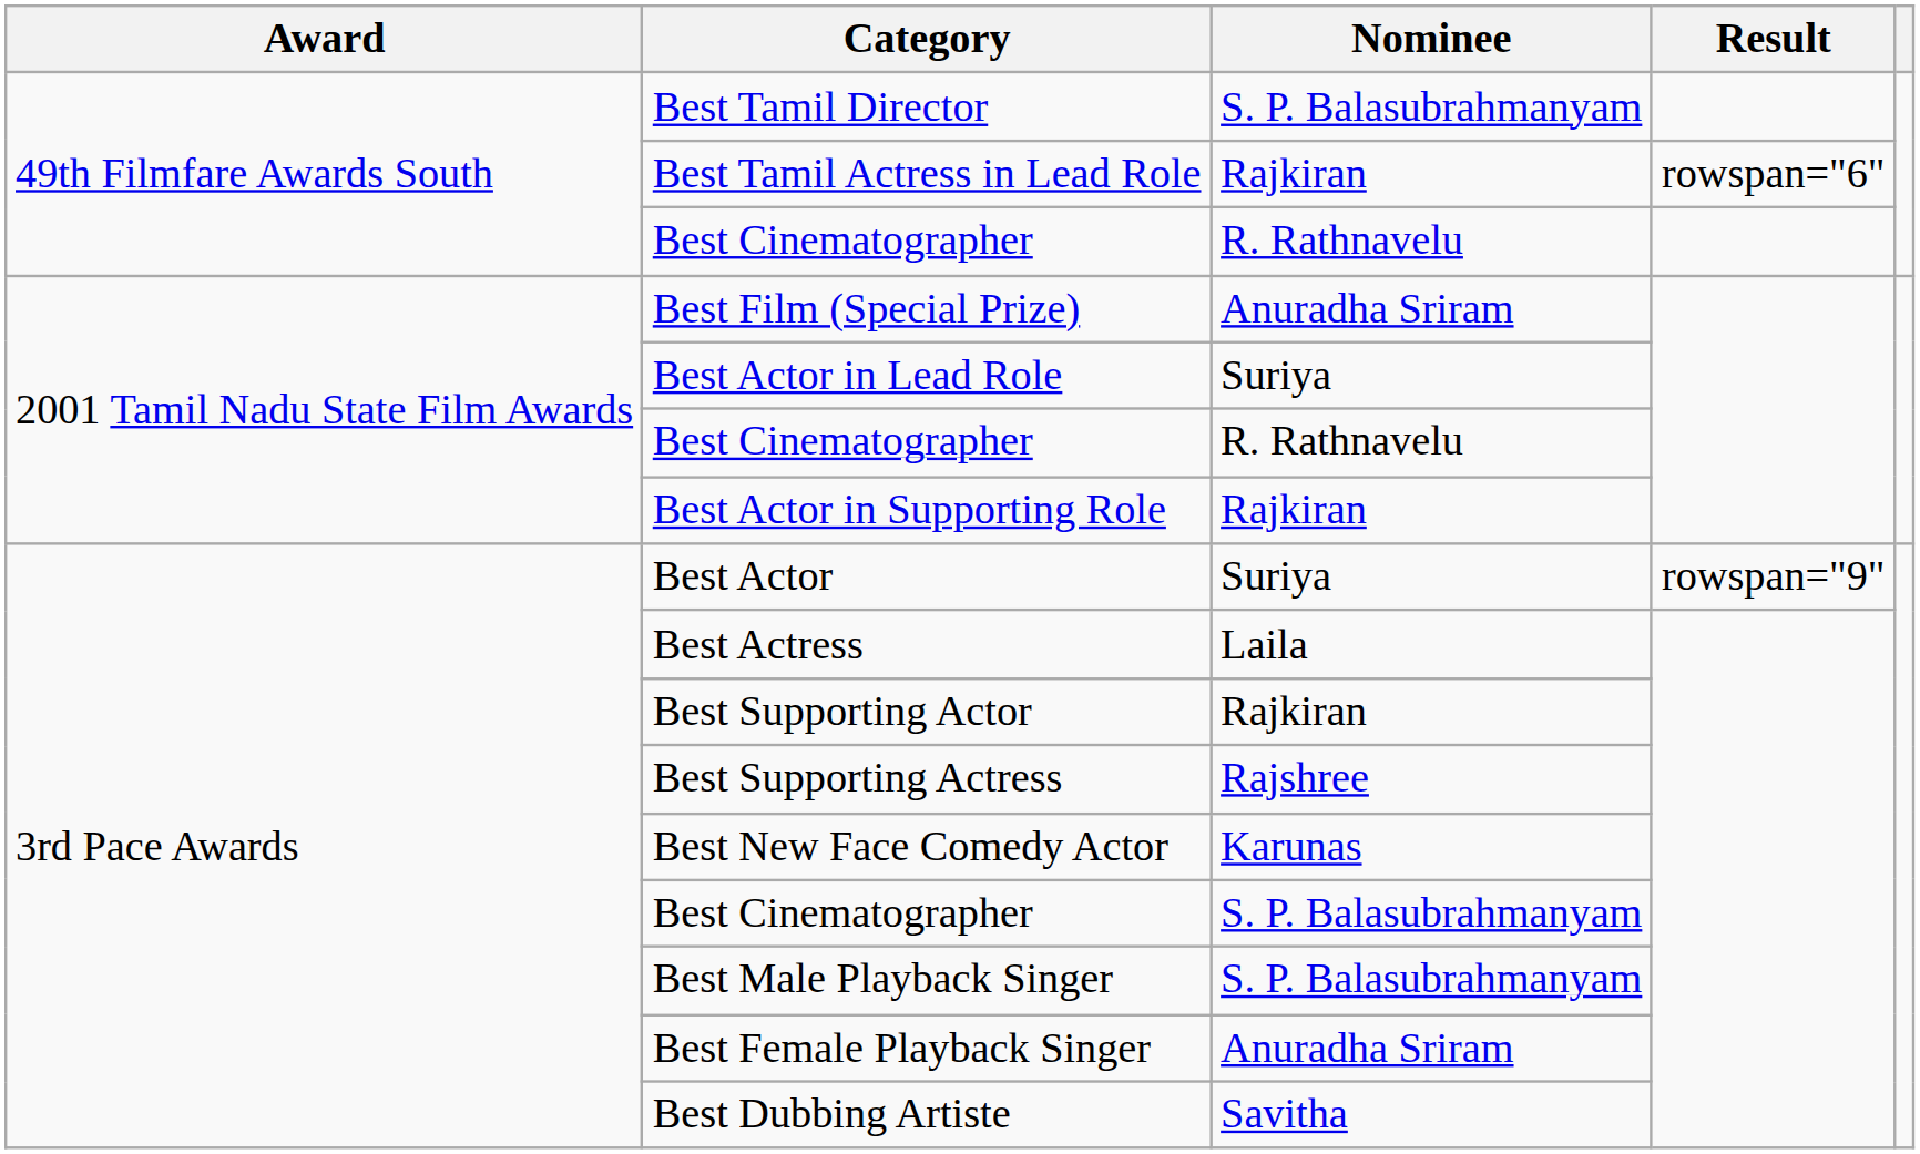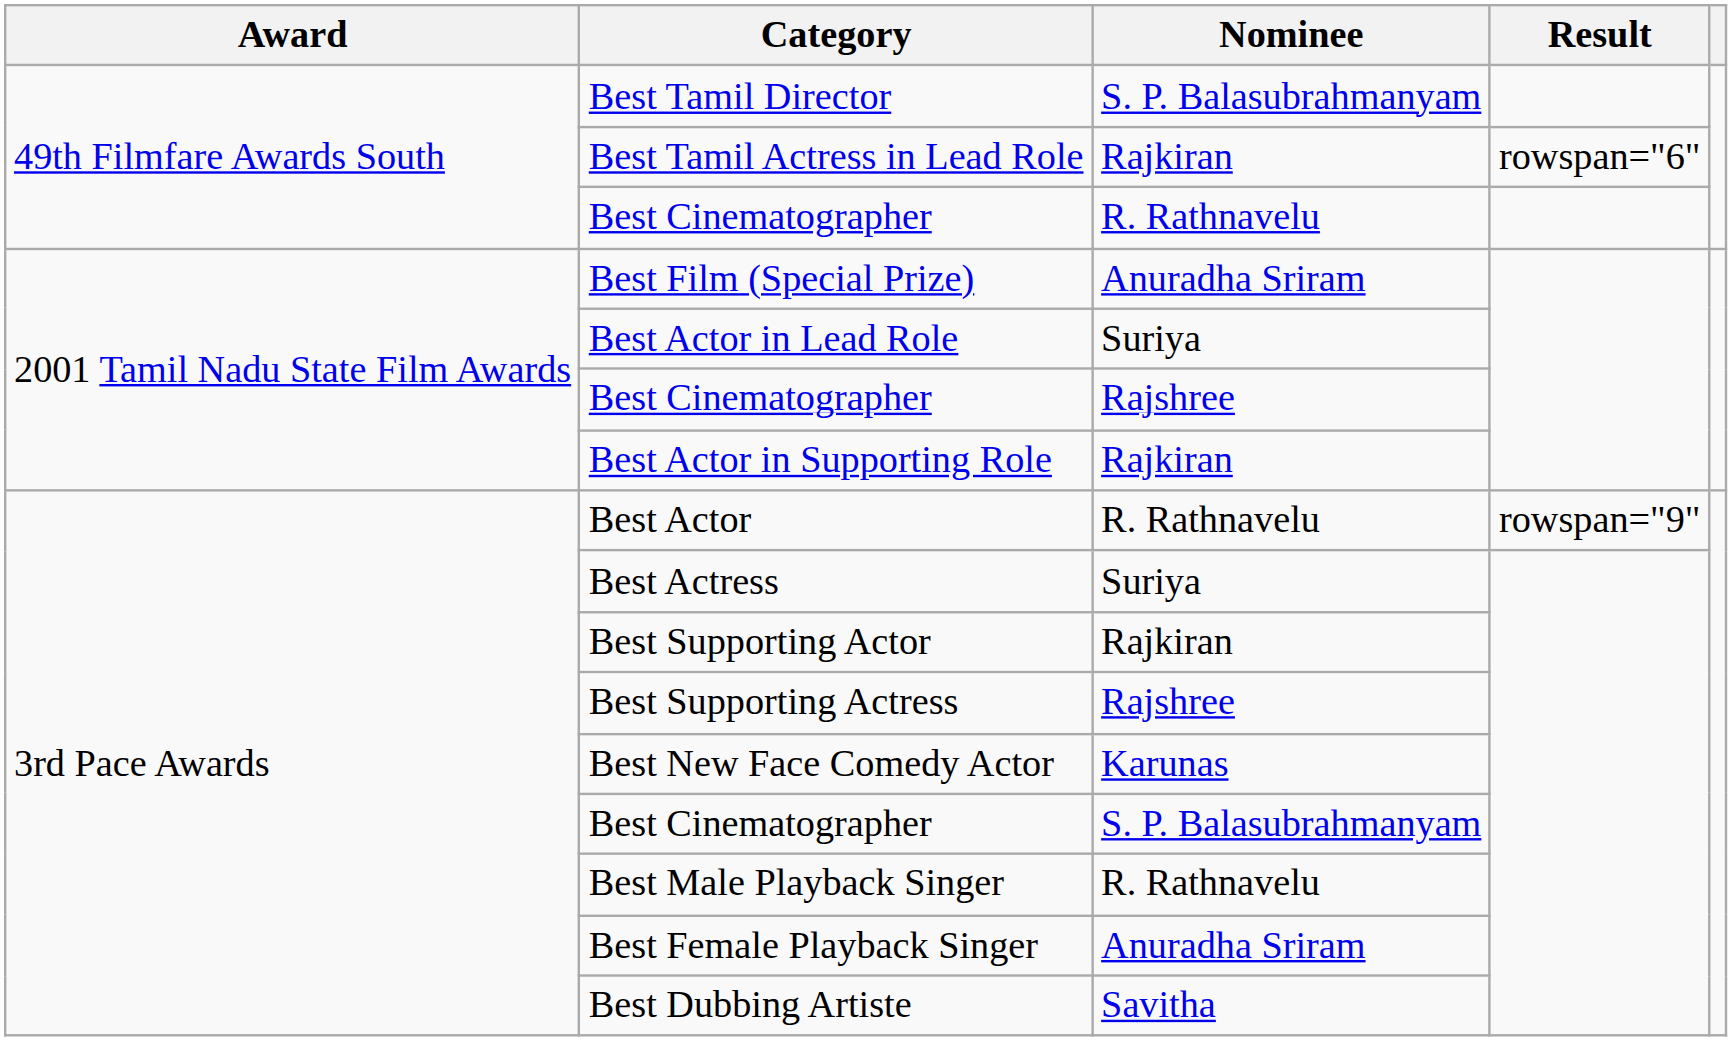 <table class="wikitable" border="1">
 <tr>
 <th>Award</th>
 <th>Category</th>
 <th>Nominee</th>
 <th>Result</th>
 <th></th>
 </tr>
 <tr>
 <td rowspan=3><a href='#'>49th Filmfare Awards South</a></td>
 <td><a href='#'>Best Tamil Director</a></td>
 <td><a href='#'>S. P. Balasubrahmanyam</a></td>
 <td></td>
 <td style="text-align:center;" rowspan=3><br></td>
 </tr>
 <tr>
 <td><a href='#'>Best Tamil Actress in Lead Role</a></td>
 <td><a href='#'>Rajkiran</a></td>
 <td>rowspan="6" </td>
 </tr>
 <tr>
 <td><a href='#'>Best Cinematographer</a></td>
 <td><a href='#'>R. Rathnavelu</a></td>
 </tr>
 <tr>
 <td rowspan=4>2001 <a href='#'>Tamil Nadu State Film Awards</a></td>
 <td><a href='#'>Best Film (Special Prize)</a></td>
 <td><a href='#'>Anuradha Sriram</a></td>
 <td style="text-align:center;" rowspan=4><br></td>
 </tr>
 <tr>
 <td><a href='#'>Best Actor in Lead Role</a></td>
 <td>Suriya</td>
 </tr>
 <tr>
 <td><a href='#'>Best Cinematographer</a></td>
-<td>R. Rathnavelu</td>
+<td><a href='#'>Rajshree</a></td>
 </tr>
 <tr>
 <td><a href='#'>Best Actor in Supporting Role</a></td>
 <td><a href='#'>Rajkiran</a></td>
 </tr>
 <tr>
 <td rowspan="9">3rd Pace Awards</td>
 <td>Best Actor</td>
-<td>Suriya</td>
+<td>R. Rathnavelu</td>
 <td>rowspan="9" </td>
 <td style="text-align:center;" rowspan="9"></td>
 </tr>
 <tr>
 <td>Best Actress</td>
-<td>Laila</td>
+<td>Suriya</td>
 </tr>
 <tr>
 <td>Best Supporting Actor</td>
 <td>Rajkiran</td>
 </tr>
 <tr>
 <td>Best Supporting Actress</td>
 <td><a href='#'>Rajshree</a></td>
 </tr>
 <tr>
 <td>Best New Face Comedy Actor</td>
 <td><a href='#'>Karunas</a></td>
 </tr>
 <tr>
 <td>Best Cinematographer</td>
 <td><a href='#'>S. P. Balasubrahmanyam</a></td>
 </tr>
 <tr>
 <td>Best Male Playback Singer</td>
-<td><a href='#'>S. P. Balasubrahmanyam</a></td>
+<td>R. Rathnavelu</td>
 </tr>
 <tr>
 <td>Best Female Playback Singer</td>
 <td><a href='#'>Anuradha Sriram</a></td>
 </tr>
 <tr>
 <td>Best Dubbing Artiste</td>
 <td><a href='#'>Savitha</a></td>
 </tr>
 </table>
